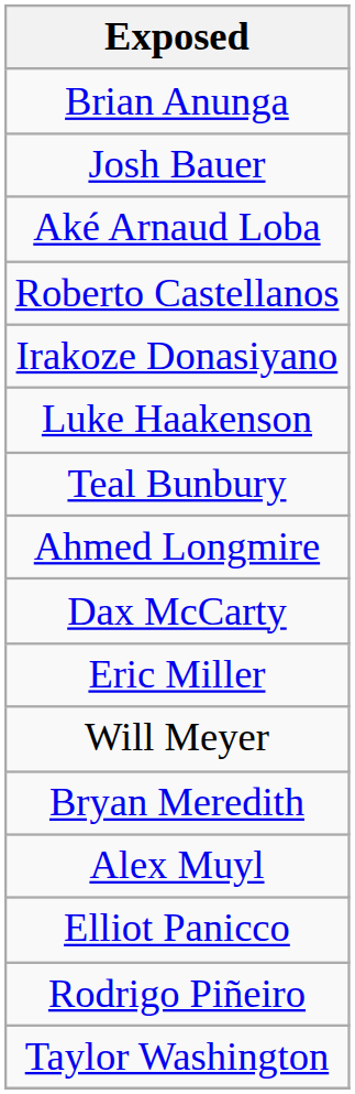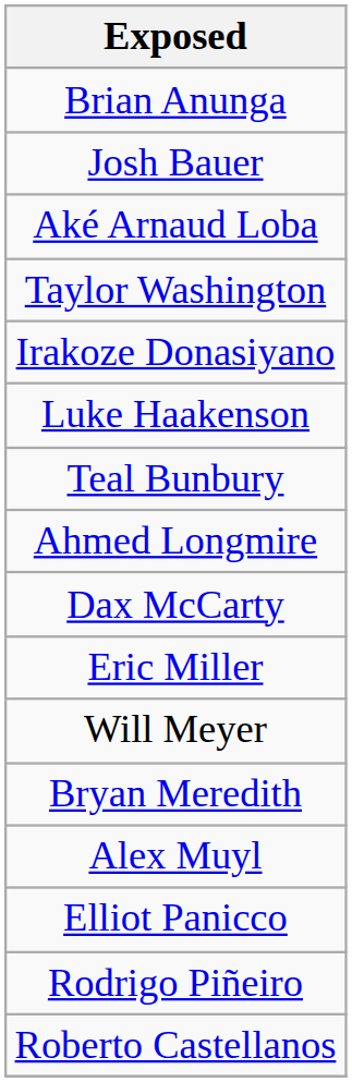 <table class="wikitable" style="text-align:center">
 <tr>
 <th>Exposed</th>
 </tr>
 <tr>
 <td><a href='#'>Brian Anunga</a></td>
 </tr>
 <tr>
 <td><a href='#'>Josh Bauer</a></td>
 </tr>
 <tr>
 <td><a href='#'>Aké Arnaud Loba</a></td>
 </tr>
 <tr>
-<td><a href='#'>Roberto Castellanos</a></td>
+<td><a href='#'>Taylor Washington</a></td>
 </tr>
 <tr>
 <td><a href='#'>Irakoze Donasiyano</a></td>
 </tr>
 <tr>
 <td><a href='#'>Luke Haakenson</a></td>
 </tr>
 <tr>
 <td><a href='#'>Teal Bunbury</a></td>
 </tr>
 <tr>
 <td><a href='#'>Ahmed Longmire</a></td>
 </tr>
 <tr>
 <td><a href='#'>Dax McCarty</a></td>
 </tr>
 <tr>
 <td><a href='#'>Eric Miller</a></td>
 </tr>
 <tr>
 <td>Will Meyer</td>
 </tr>
 <tr>
 <td><a href='#'>Bryan Meredith</a></td>
 </tr>
 <tr>
 <td><a href='#'>Alex Muyl</a></td>
 </tr>
 <tr>
 <td><a href='#'>Elliot Panicco</a></td>
 </tr>
 <tr>
 <td><a href='#'>Rodrigo Piñeiro</a></td>
 </tr>
 <tr>
-<td><a href='#'>Taylor Washington</a></td>
+<td><a href='#'>Roberto Castellanos</a></td>
 </tr>
 <tr>
 </tr>
 </table>
